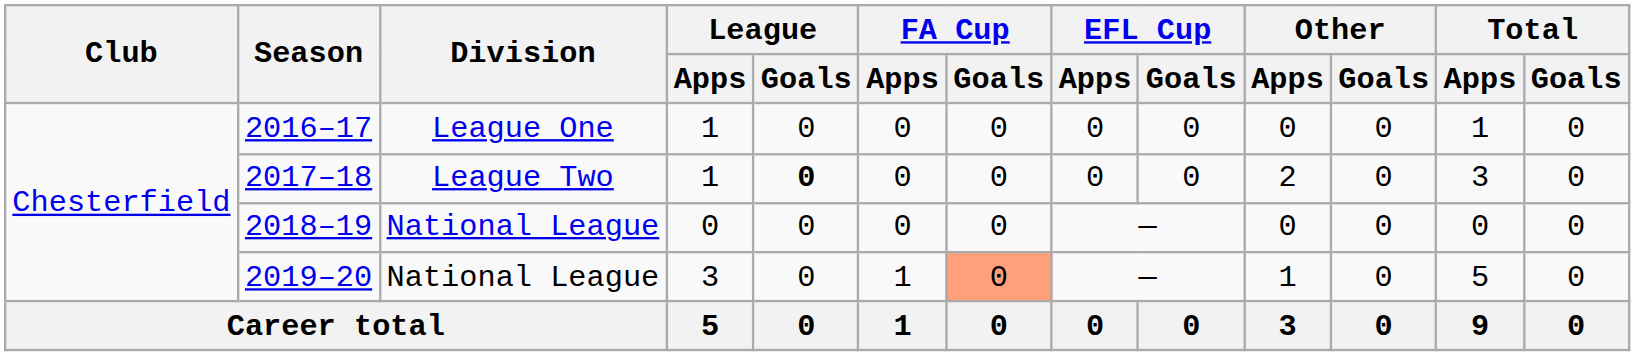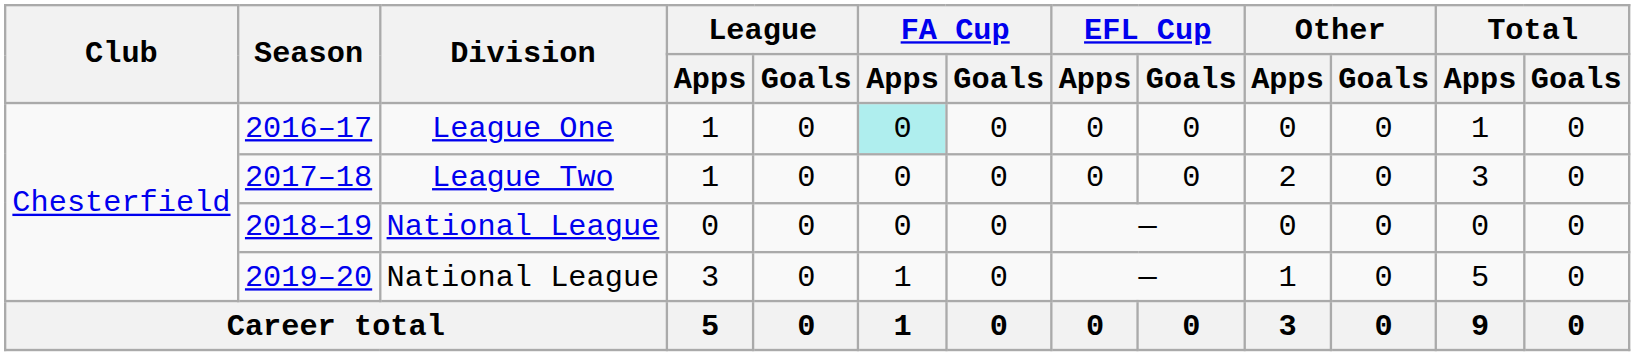 <table class="wikitable" style="text-align:center;">
 <tr>
 <th rowspan="2">Club</th>
 <th rowspan="2">Season</th>
 <th rowspan="2">Division</th>
 <th colspan="2">League</th>
 <th colspan="2"><a href='#'>FA Cup</a></th>
 <th colspan="2"><a href='#'>EFL Cup</a></th>
 <th colspan="2">Other</th>
 <th colspan="2">Total</th>
 </tr>
 <tr>
 <th>Apps</th>
 <th>Goals</th>
 <th>Apps</th>
 <th>Goals</th>
 <th>Apps</th>
 <th>Goals</th>
 <th>Apps</th>
 <th>Goals</th>
 <th>Apps</th>
 <th>Goals</th>
 </tr>
 <tr>
 <td rowspan=4><a href='#'>Chesterfield</a></td>
 <td><a href='#'>2016–17</a></td>
 <td><a href='#'>League One</a></td>
 <td>1</td>
 <td>0</td>
-<td>0</td>
+<td style="background: paleturquoise;">0</td>
 <td>0</td>
 <td>0</td>
 <td>0</td>
 <td>0</td>
 <td>0</td>
 <td>1</td>
 <td>0</td>
 </tr>
 <tr>
 <td><a href='#'>2017–18</a></td>
 <td><a href='#'>League Two</a></td>
 <td>1</td>
-<td><strong>0</strong></td>
+<td>0</td>
 <td>0</td>
 <td>0</td>
 <td>0</td>
 <td>0</td>
 <td>2</td>
 <td>0</td>
 <td>3</td>
 <td>0</td>
 </tr>
 <tr>
 <td><a href='#'>2018–19</a></td>
 <td><a href='#'>National League</a></td>
 <td>0</td>
 <td>0</td>
 <td>0</td>
 <td>0</td>
 <td colspan="2">—</td>
 <td>0</td>
 <td>0</td>
 <td>0</td>
 <td>0</td>
 </tr>
 <tr>
 <td><a href='#'>2019–20</a></td>
 <td>National League</td>
 <td>3</td>
 <td>0</td>
 <td>1</td>
-<td style="background: lightsalmon;">0</td>
+<td>0</td>
 <td colspan="2">—</td>
 <td>1</td>
 <td>0</td>
 <td>5</td>
 <td>0</td>
 </tr>
 <tr>
 <th colspan="3">Career total</th>
 <th>5</th>
 <th>0</th>
 <th>1</th>
 <th>0</th>
 <th>0</th>
 <th>0</th>
 <th>3</th>
 <th>0</th>
 <th>9</th>
 <th>0</th>
 </tr>
 </table>
